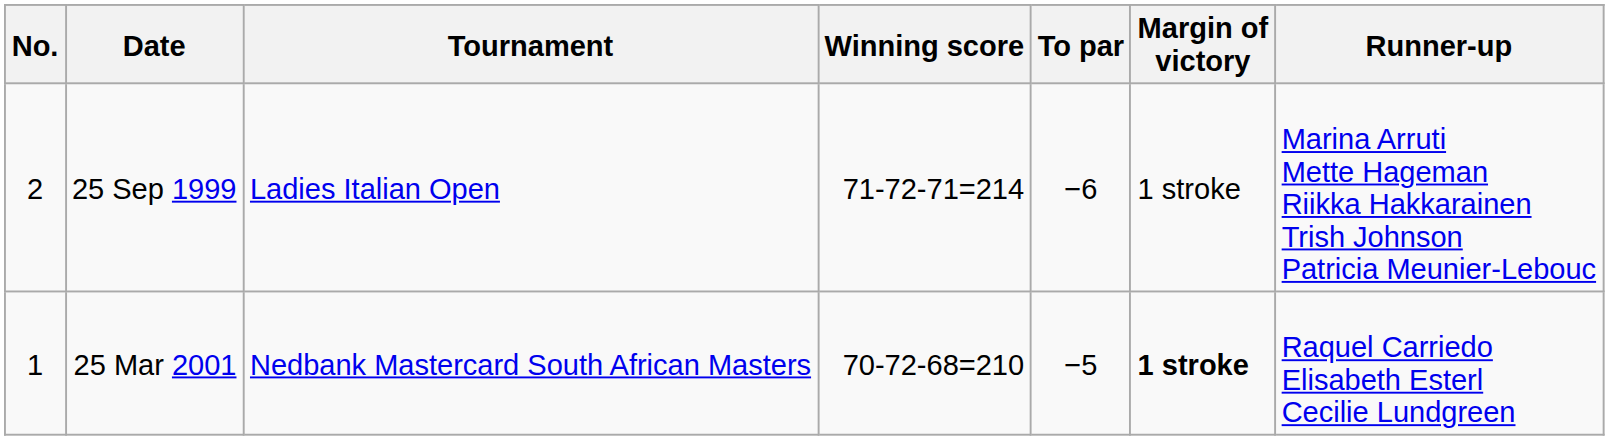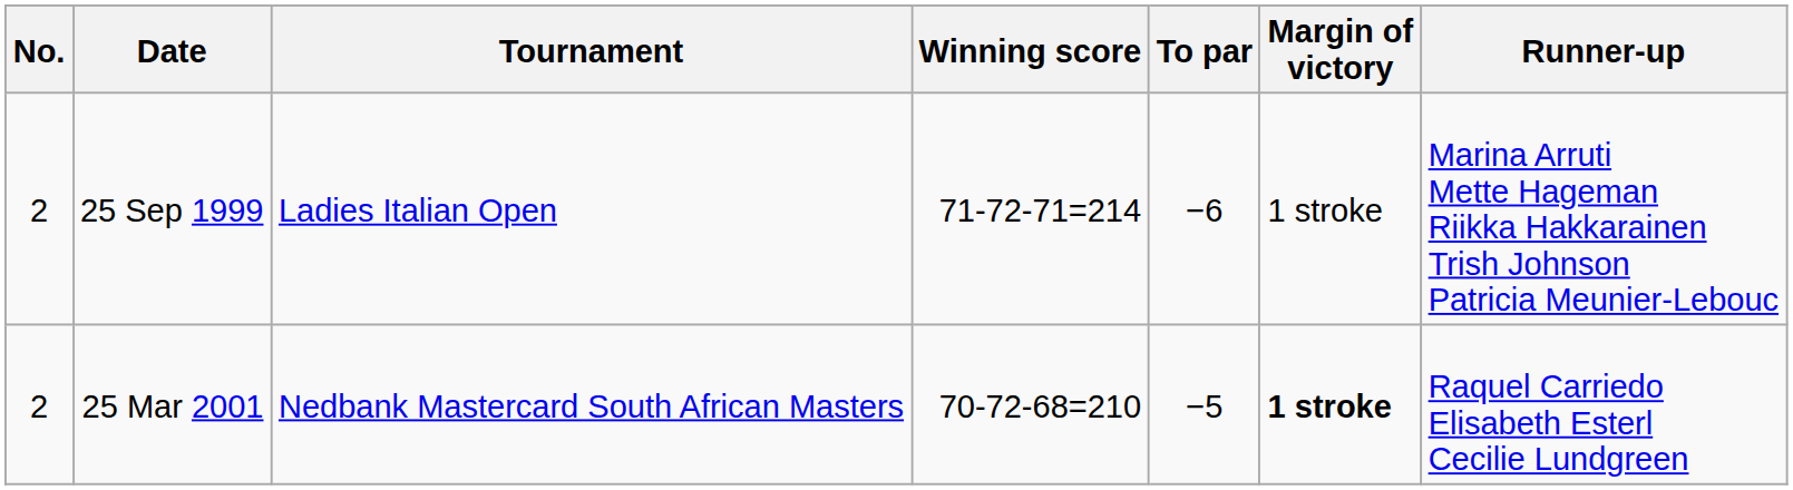 <table class="wikitable " style="font-size:95%;">
 <tr>
 <th>No.</th>
 <th>Date</th>
 <th>Tournament</th>
 <th>Winning score</th>
 <th>To par</th>
 <th>Margin of<br>victory</th>
 <th>Runner-up</th>
 </tr>
 <tr>
 <td align=center>2</td>
 <td align=right>25 Sep <a href='#'>1999</a></td>
 <td><a href='#'>Ladies Italian Open</a></td>
 <td align=right>71-72-71=214</td>
 <td align=center>−6</td>
 <td>1 stroke</td>
 <td><br> <a href='#'>Marina Arruti</a><br>  <a href='#'>Mette Hageman</a><br>  <a href='#'>Riikka Hakkarainen</a><br>  <a href='#'>Trish Johnson</a><br>  <a href='#'>Patricia Meunier-Lebouc</a></td>
 </tr>
 <tr>
-<td align=center>1</td>
+<td align=center>2</td>
 <td align=right>25 Mar <a href='#'>2001</a></td>
 <td><a href='#'>Nedbank Mastercard South African Masters</a></td>
 <td align=right>70-72-68=210</td>
 <td align=center>−5</td>
 <td><strong>1 stroke</strong></td>
 <td><br> <a href='#'>Raquel Carriedo </a><br>  <a href='#'>Elisabeth Esterl</a><br>  <a href='#'>Cecilie Lundgreen</a></td>
 </tr>
 </table>
